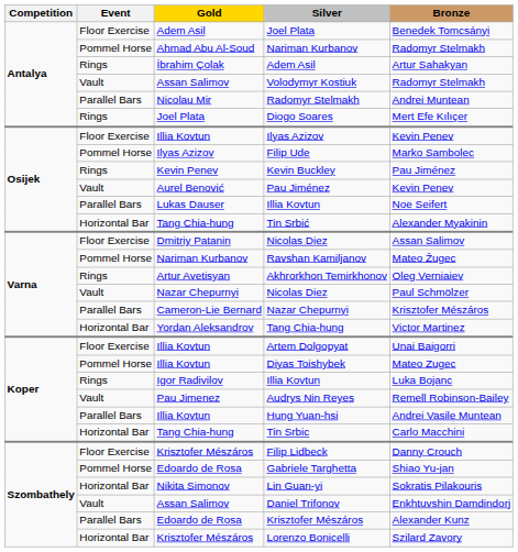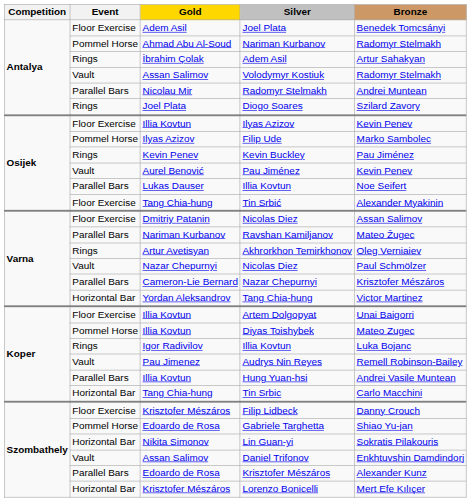 <table class="wikitable">
 <tr>
 <th style="text-align:center;">Competition</th>
 <th style="text-align:center;">Event</th>
 <td style="text-align:center; background:gold;"><strong>Gold</strong></td>
 <td style="text-align:center; background:silver;"><strong>Silver</strong></td>
 <td style="text-align:center; background:#c96;"><strong>Bronze</strong></td>
 </tr>
 <tr>
 <td rowspan=6><strong>Antalya</strong></td>
 <td>Floor Exercise</td>
 <td> <a href='#'>Adem Asil</a></td>
 <td> <a href='#'>Joel Plata</a></td>
 <td> <a href='#'>Benedek Tomcsányi</a></td>
 </tr>
 <tr>
 <td>Pommel Horse</td>
 <td> <a href='#'>Ahmad Abu Al-Soud</a></td>
 <td> <a href='#'>Nariman Kurbanov</a></td>
 <td> <a href='#'>Radomyr Stelmakh</a></td>
 </tr>
 <tr>
 <td>Rings</td>
 <td> <a href='#'>İbrahim Çolak</a></td>
 <td> <a href='#'>Adem Asil</a></td>
 <td> <a href='#'>Artur Sahakyan</a></td>
 </tr>
 <tr>
 <td>Vault</td>
 <td> <a href='#'>Assan Salimov</a></td>
 <td> <a href='#'>Volodymyr Kostiuk</a></td>
 <td> <a href='#'>Radomyr Stelmakh</a></td>
 </tr>
 <tr>
 <td>Parallel Bars</td>
 <td> <a href='#'>Nicolau Mir</a></td>
 <td> <a href='#'>Radomyr Stelmakh</a></td>
 <td> <a href='#'>Andrei Muntean</a></td>
 </tr>
 <tr>
 <td>Rings</td>
 <td> <a href='#'>Joel Plata</a></td>
 <td> <a href='#'>Diogo Soares</a></td>
-<td> <a href='#'>Mert Efe Kılıçer</a></td>
+<td> <a href='#'>Szilard Zavory</a></td>
 </tr>
 <tr style="border-top: 3px solid grey;">
 <td rowspan=6><strong>Osijek</strong></td>
 <td>Floor Exercise</td>
 <td> <a href='#'>Illia Kovtun</a></td>
 <td> <a href='#'>Ilyas Azizov</a></td>
 <td> <a href='#'>Kevin Penev</a></td>
 </tr>
 <tr>
 <td>Pommel Horse</td>
 <td> <a href='#'>Ilyas Azizov</a></td>
 <td> <a href='#'>Filip Ude</a></td>
 <td> <a href='#'>Marko Sambolec</a></td>
 </tr>
 <tr>
 <td>Rings</td>
 <td> <a href='#'>Kevin Penev</a></td>
 <td> <a href='#'>Kevin Buckley</a></td>
 <td> <a href='#'>Pau Jiménez</a></td>
 </tr>
 <tr>
 <td>Vault</td>
 <td> <a href='#'>Aurel Benović</a></td>
 <td> <a href='#'>Pau Jiménez</a></td>
 <td> <a href='#'>Kevin Penev</a></td>
 </tr>
 <tr>
 <td>Parallel Bars</td>
 <td> <a href='#'>Lukas Dauser</a></td>
 <td> <a href='#'>Illia Kovtun</a></td>
 <td> <a href='#'>Noe Seifert</a></td>
 </tr>
 <tr>
-<td>Horizontal Bar</td>
+<td>Floor Exercise</td>
 <td> <a href='#'>Tang Chia-hung</a></td>
 <td> <a href='#'>Tin Srbić</a></td>
 <td> <a href='#'>Alexander Myakinin</a></td>
 </tr>
 <tr style="border-top: 3px solid grey;">
 <td rowspan=6><strong>Varna</strong></td>
 <td>Floor Exercise</td>
 <td> <a href='#'>Dmitriy Patanin</a></td>
 <td> <a href='#'>Nicolas Diez</a></td>
 <td> <a href='#'>Assan Salimov</a></td>
 </tr>
 <tr>
-<td>Pommel Horse</td>
+<td>Parallel Bars</td>
 <td> <a href='#'>Nariman Kurbanov</a></td>
 <td> <a href='#'>Ravshan Kamiljanov</a></td>
 <td> <a href='#'>Mateo Žugec</a></td>
 </tr>
 <tr>
 <td>Rings</td>
 <td> <a href='#'>Artur Avetisyan</a></td>
 <td> <a href='#'>Akhrorkhon Temirkhonov</a></td>
 <td> <a href='#'>Oleg Verniaiev</a></td>
 </tr>
 <tr>
 <td>Vault</td>
 <td> <a href='#'>Nazar Chepurnyi</a></td>
 <td> <a href='#'>Nicolas Diez</a></td>
 <td> <a href='#'>Paul Schmölzer</a></td>
 </tr>
 <tr>
 <td>Parallel Bars</td>
 <td> <a href='#'>Cameron-Lie Bernard</a></td>
 <td> <a href='#'>Nazar Chepurnyi</a></td>
 <td> <a href='#'>Krisztofer Mészáros</a></td>
 </tr>
 <tr>
 <td>Horizontal Bar</td>
 <td> <a href='#'>Yordan Aleksandrov</a></td>
 <td> <a href='#'>Tang Chia-hung</a></td>
 <td> <a href='#'>Victor Martinez</a></td>
 </tr>
 <tr style="border-top: 3px solid grey;">
 <td rowspan=6><strong>Koper</strong></td>
 <td>Floor Exercise</td>
 <td> <a href='#'>Illia Kovtun</a></td>
 <td> <a href='#'>Artem Dolgopyat</a></td>
 <td> <a href='#'>Unai Baigorri</a></td>
 </tr>
 <tr>
 <td>Pommel Horse</td>
 <td> <a href='#'>Illia Kovtun</a></td>
 <td> <a href='#'>Diyas Toishybek</a></td>
 <td> <a href='#'>Mateo Zugec</a></td>
 </tr>
 <tr>
 <td>Rings</td>
 <td> <a href='#'>Igor Radivilov</a></td>
 <td> <a href='#'>Illia Kovtun</a></td>
 <td> <a href='#'>Luka Bojanc</a></td>
 </tr>
 <tr>
 <td>Vault</td>
 <td> <a href='#'>Pau Jimenez</a></td>
 <td> <a href='#'>Audrys Nin Reyes</a></td>
 <td> <a href='#'>Remell Robinson-Bailey</a></td>
 </tr>
 <tr>
 <td>Parallel Bars</td>
 <td> <a href='#'>Illia Kovtun</a></td>
 <td> <a href='#'>Hung Yuan-hsi</a></td>
 <td> <a href='#'>Andrei Vasile Muntean</a></td>
 </tr>
 <tr>
 <td>Horizontal Bar</td>
 <td> <a href='#'>Tang Chia-hung</a></td>
 <td> <a href='#'>Tin Srbic</a></td>
 <td> <a href='#'>Carlo Macchini</a></td>
 </tr>
 <tr style="border-top: 3px solid grey;">
 <td rowspan=6><strong>Szombathely</strong></td>
 <td>Floor Exercise</td>
 <td> <a href='#'>Krisztofer Mészáros</a></td>
 <td> <a href='#'>Filip Lidbeck</a></td>
 <td> <a href='#'>Danny Crouch</a></td>
 </tr>
 <tr>
 <td>Pommel Horse</td>
 <td> <a href='#'>Edoardo de Rosa</a></td>
 <td> <a href='#'>Gabriele Targhetta</a></td>
 <td> <a href='#'>Shiao Yu-jan</a></td>
 </tr>
 <tr>
 <td>Horizontal Bar</td>
 <td> <a href='#'>Nikita Simonov</a></td>
 <td> <a href='#'>Lin Guan-yi</a></td>
 <td> <a href='#'>Sokratis Pilakouris</a></td>
 </tr>
 <tr>
 <td>Vault</td>
 <td> <a href='#'>Assan Salimov</a></td>
 <td> <a href='#'>Daniel Trifonov</a></td>
 <td> <a href='#'>Enkhtuvshin Damdindorj</a></td>
 </tr>
 <tr>
 <td>Parallel Bars</td>
 <td> <a href='#'>Edoardo de Rosa</a></td>
 <td> <a href='#'>Krisztofer Mészáros</a></td>
 <td> <a href='#'>Alexander Kunz</a></td>
 </tr>
 <tr>
 <td>Horizontal Bar</td>
 <td> <a href='#'>Krisztofer Mészáros</a></td>
 <td> <a href='#'>Lorenzo Bonicelli</a></td>
-<td> <a href='#'>Szilard Zavory</a></td>
+<td> <a href='#'>Mert Efe Kılıçer</a></td>
 </tr>
 </table>
